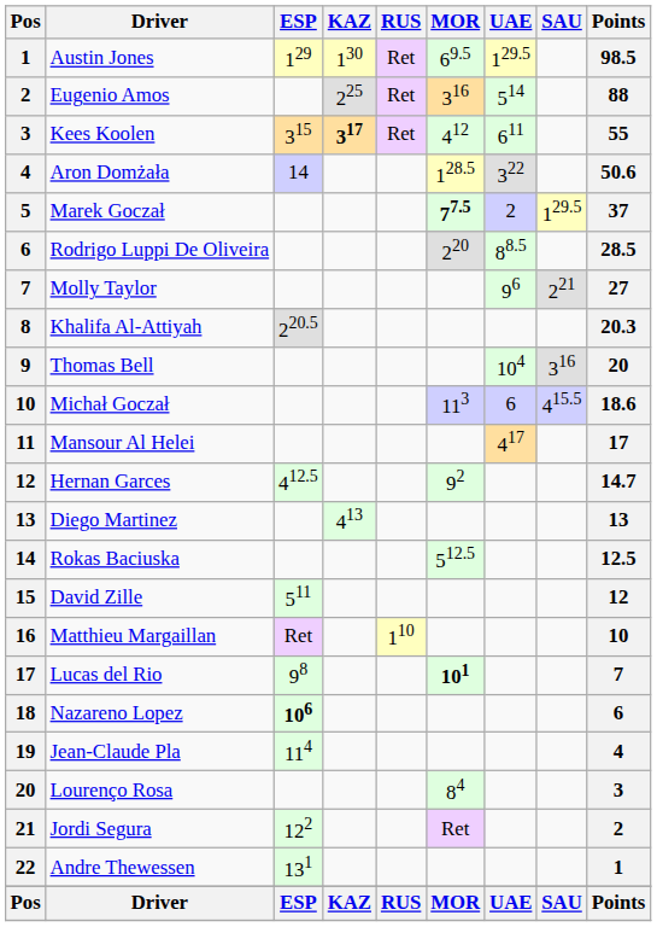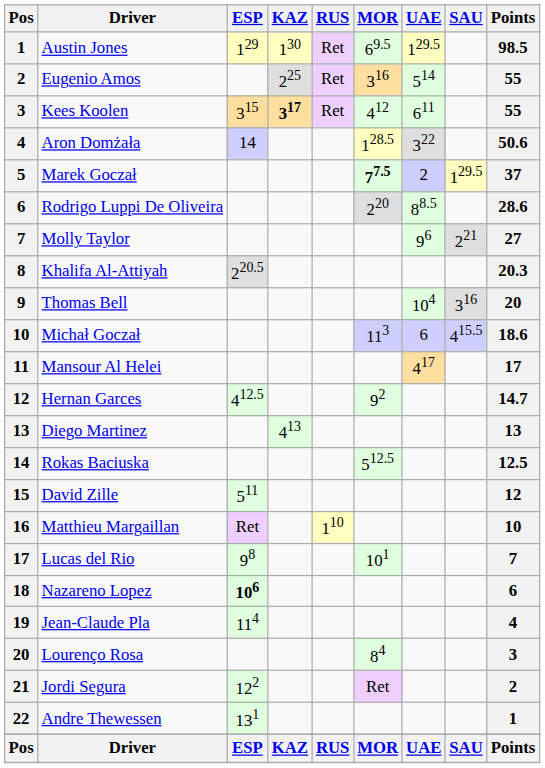 <table class="wikitable" style="font-size: 85%; text-align: center; display: inline-table;">
 <tr valign="top">
 <th valign="middle">Pos</th>
 <th valign="middle">Driver</th>
 <th><a href='#'>ESP</a><br></th>
 <th><a href='#'>KAZ</a><br></th>
 <th><a href='#'>RUS</a><br></th>
 <th><a href='#'>MOR</a><br></th>
 <th><a href='#'>UAE</a><br></th>
 <th><a href='#'>SAU</a><br></th>
 <th valign="middle">Points</th>
 </tr>
 <tr>
 <th>1</th>
 <td align=left> <a href='#'>Austin Jones</a></td>
 <td style="background:#ffffbf;">1<sup>29</sup></td>
 <td style="background:#ffffbf;">1<sup>30</sup></td>
 <td style="background:#efcfff;">Ret</td>
 <td style="background:#dfffdf;">6<sup>9.5</sup></td>
 <td style="background:#ffffbf;">1<sup>29.5</sup></td>
 <td></td>
 <th>98.5</th>
 </tr>
 <tr>
 <th>2</th>
 <td align=left> <a href='#'>Eugenio Amos</a></td>
 <td></td>
 <td style="background:#dfdfdf;">2<sup>25</sup></td>
 <td style="background:#efcfff;">Ret</td>
 <td style="background:#ffdf9f;">3<sup>16</sup></td>
 <td style="background:#dfffdf;">5<sup>14</sup></td>
 <td></td>
-<th>88</th>
+<th>55</th>
 </tr>
 <tr>
 <th>3</th>
 <td align=left> <a href='#'>Kees Koolen</a></td>
 <td style="background:#ffdf9f;">3<sup>15</sup></td>
 <td style="background:#ffdf9f;"><strong>3<sup>17</sup></strong></td>
 <td style="background:#efcfff;">Ret</td>
 <td style="background:#dfffdf;">4<sup>12</sup></td>
 <td style="background:#dfffdf;">6<sup>11</sup></td>
 <td></td>
 <th>55</th>
 </tr>
 <tr>
 <th>4</th>
 <td align=left> <a href='#'>Aron Domżała</a></td>
 <td style="background:#cfcfff;">14</td>
 <td></td>
 <td></td>
 <td style="background:#ffffbf;">1<sup>28.5</sup></td>
 <td style="background:#dfdfdf;">3<sup>22</sup></td>
 <td></td>
 <th>50.6</th>
 </tr>
 <tr>
 <th>5</th>
 <td align=left> <a href='#'>Marek Goczał</a></td>
 <td></td>
 <td></td>
 <td></td>
 <td style="background:#dfffdf;"><strong>7<sup>7.5</sup></strong></td>
 <td style="background:#cfcfff;">2</td>
 <td style="background:#ffffbf;">1<sup>29.5</sup></td>
 <th>37</th>
 </tr>
 <tr>
 <th>6</th>
 <td align=left> <a href='#'>Rodrigo Luppi De Oliveira</a></td>
 <td></td>
 <td></td>
 <td></td>
 <td style="background:#dfdfdf;">2<sup>20</sup></td>
 <td style="background:#dfffdf;">8<sup>8.5</sup></td>
 <td></td>
-<th>28.5</th>
+<th>28.6</th>
 </tr>
 <tr>
 <th>7</th>
 <td align=left> <a href='#'>Molly Taylor</a></td>
 <td></td>
 <td></td>
 <td></td>
 <td></td>
 <td style="background:#dfffdf;">9<sup>6</sup></td>
 <td style="background:#dfdfdf;">2<sup>21</sup></td>
 <th>27</th>
 </tr>
 <tr>
 <th>8</th>
 <td align=left> <a href='#'>Khalifa Al-Attiyah</a></td>
 <td style="background:#dfdfdf;">2<sup>20.5</sup></td>
 <td></td>
 <td></td>
 <td></td>
 <td></td>
 <td></td>
 <th>20.3</th>
 </tr>
 <tr>
 <th>9</th>
 <td align=left> <a href='#'>Thomas Bell</a></td>
 <td></td>
 <td></td>
 <td></td>
 <td></td>
 <td style="background:#dfffdf;">10<sup>4</sup></td>
 <td style="background:#dfdfdf;">3<sup>16</sup></td>
 <th>20</th>
 </tr>
 <tr>
 <th>10</th>
 <td align=left> <a href='#'>Michał Goczał</a></td>
 <td></td>
 <td></td>
 <td></td>
 <td style="background:#cfcfff;">11<sup>3</sup></td>
 <td style="background:#cfcfff;">6</td>
 <td style="background:#cfcfff;">4<sup>15.5</sup></td>
 <th>18.6</th>
 </tr>
 <tr>
 <th>11</th>
 <td align=left> <a href='#'>Mansour Al Helei</a></td>
 <td></td>
 <td></td>
 <td></td>
 <td></td>
 <td style="background:#ffdf9f;">4<sup>17</sup></td>
 <td></td>
 <th>17</th>
 </tr>
 <tr>
 <th>12</th>
 <td align=left> <a href='#'>Hernan Garces</a></td>
 <td style="background:#dfffdf;">4<sup>12.5</sup></td>
 <td></td>
 <td></td>
 <td style="background:#dfffdf;">9<sup>2</sup></td>
 <td></td>
 <td></td>
 <th>14.7</th>
 </tr>
 <tr>
 <th>13</th>
 <td align=left> <a href='#'>Diego Martinez</a></td>
 <td></td>
 <td style="background:#dfffdf;">4<sup>13</sup></td>
 <td></td>
 <td></td>
 <td></td>
 <td></td>
 <th>13</th>
 </tr>
 <tr>
 <th>14</th>
 <td align=left> <a href='#'>Rokas Baciuska</a></td>
 <td></td>
 <td></td>
 <td></td>
 <td style="background:#dfffdf;">5<sup>12.5</sup></td>
 <td></td>
 <td></td>
 <th>12.5</th>
 </tr>
 <tr>
 <th>15</th>
 <td align=left> <a href='#'>David Zille</a></td>
 <td style="background:#dfffdf;">5<sup>11</sup></td>
 <td></td>
 <td></td>
 <td></td>
 <td></td>
 <td></td>
 <th>12</th>
 </tr>
 <tr>
 <th>16</th>
 <td align=left> <a href='#'>Matthieu Margaillan</a></td>
 <td style="background:#efcfff;">Ret</td>
 <td></td>
 <td style="background:#ffffbf;">1<sup>10</sup></td>
 <td></td>
 <td></td>
 <td></td>
 <th>10</th>
 </tr>
 <tr>
 <th>17</th>
 <td align=left> <a href='#'>Lucas del Rio</a></td>
 <td style="background:#dfffdf;">9<sup>8</sup></td>
 <td></td>
 <td></td>
-<td style="background:#dfffdf;"><strong>10<sup>1</sup></strong></td>
+<td style="background:#dfffdf;">10<sup>1</sup></td>
 <td></td>
 <td></td>
 <th>7</th>
 </tr>
 <tr>
 <th>18</th>
 <td align=left> <a href='#'>Nazareno Lopez</a></td>
 <td style="background:#dfffdf;"><strong>10<sup>6</sup></strong></td>
 <td></td>
 <td></td>
 <td></td>
 <td></td>
 <td></td>
 <th>6</th>
 </tr>
 <tr>
 <th>19</th>
 <td align=left> <a href='#'>Jean-Claude Pla</a></td>
 <td style="background:#dfffdf;">11<sup>4</sup></td>
 <td></td>
 <td></td>
 <td></td>
 <td></td>
 <td></td>
 <th>4</th>
 </tr>
 <tr>
 <th>20</th>
 <td align=left> <a href='#'>Lourenço Rosa</a></td>
 <td></td>
 <td></td>
 <td></td>
 <td style="background:#dfffdf;">8<sup>4</sup></td>
 <td></td>
 <td></td>
 <th>3</th>
 </tr>
 <tr>
 <th>21</th>
 <td align=left> <a href='#'>Jordi Segura</a></td>
 <td style="background:#dfffdf;">12<sup>2</sup></td>
 <td></td>
 <td></td>
 <td style="background:#efcfff;">Ret</td>
 <td></td>
 <td></td>
 <th>2</th>
 </tr>
 <tr>
 <th>22</th>
 <td align=left> <a href='#'>Andre Thewessen</a></td>
 <td style="background:#dfffdf;">13<sup>1</sup></td>
 <td></td>
 <td></td>
 <td></td>
 <td></td>
 <td></td>
 <th>1</th>
 </tr>
 <tr>
 </tr>
 <tr valign="top">
 <th valign="middle">Pos</th>
 <th valign="middle">Driver</th>
 <th><a href='#'>ESP</a><br></th>
 <th><a href='#'>KAZ</a><br></th>
 <th><a href='#'>RUS</a><br></th>
 <th><a href='#'>MOR</a><br></th>
 <th><a href='#'>UAE</a><br></th>
 <th><a href='#'>SAU</a><br></th>
 <th valign="middle">Points</th>
 </tr>
 <tr>
 </tr>
 </table>
